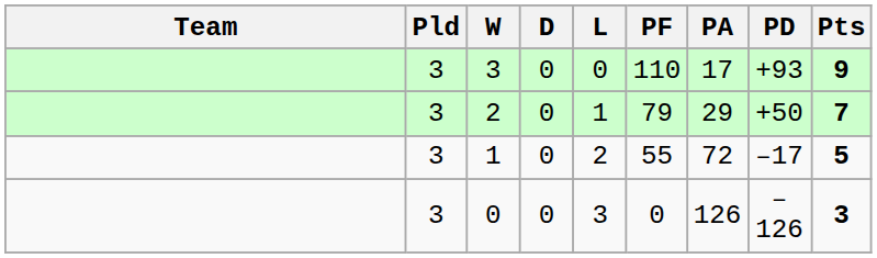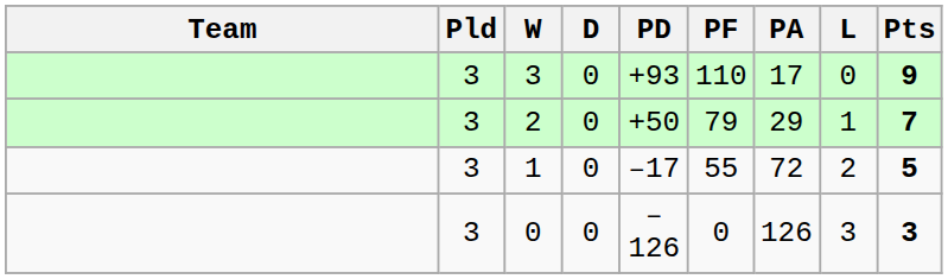 <table class="wikitable" style="text-align:center;">
 <tr>
 <th width=190>Team</th>
 <th width=20 abbr="Played">Pld</th>
 <th width=20 abbr="Won">W</th>
 <th width=20 abbr="Drawn">D</th>
-<th width=20 abbr="Lost">L</th>
+<th width=25 abbr="Points difference">PD</th>
 <th width=20 abbr="Points for">PF</th>
 <th width=20 abbr="Points against">PA</th>
-<th width=25 abbr="Points difference">PD</th>
+<th width=20 abbr="Lost">L</th>
 <th width=20 abbr="Points">Pts</th>
 </tr>
 <tr style="background:#ccffcc">
 <td align=left></td>
 <td>3</td>
 <td>3</td>
 <td>0</td>
-<td>0</td>
+<td>+93</td>
 <td>110</td>
 <td>17</td>
-<td>+93</td>
+<td>0</td>
 <td><strong>9</strong></td>
 </tr>
 <tr style="background:#ccffcc">
 <td align=left></td>
 <td>3</td>
 <td>2</td>
 <td>0</td>
-<td>1</td>
+<td>+50</td>
 <td>79</td>
 <td>29</td>
-<td>+50</td>
+<td>1</td>
 <td><strong>7</strong></td>
 </tr>
 <tr>
 <td align=left></td>
 <td>3</td>
 <td>1</td>
 <td>0</td>
-<td>2</td>
+<td>–17</td>
 <td>55</td>
 <td>72</td>
-<td>–17</td>
+<td>2</td>
 <td><strong>5</strong></td>
 </tr>
 <tr>
 <td align=left></td>
 <td>3</td>
 <td>0</td>
 <td>0</td>
-<td>3</td>
+<td>–126</td>
 <td>0</td>
 <td>126</td>
-<td>–126</td>
+<td>3</td>
 <td><strong>3</strong></td>
 </tr>
 </table>
